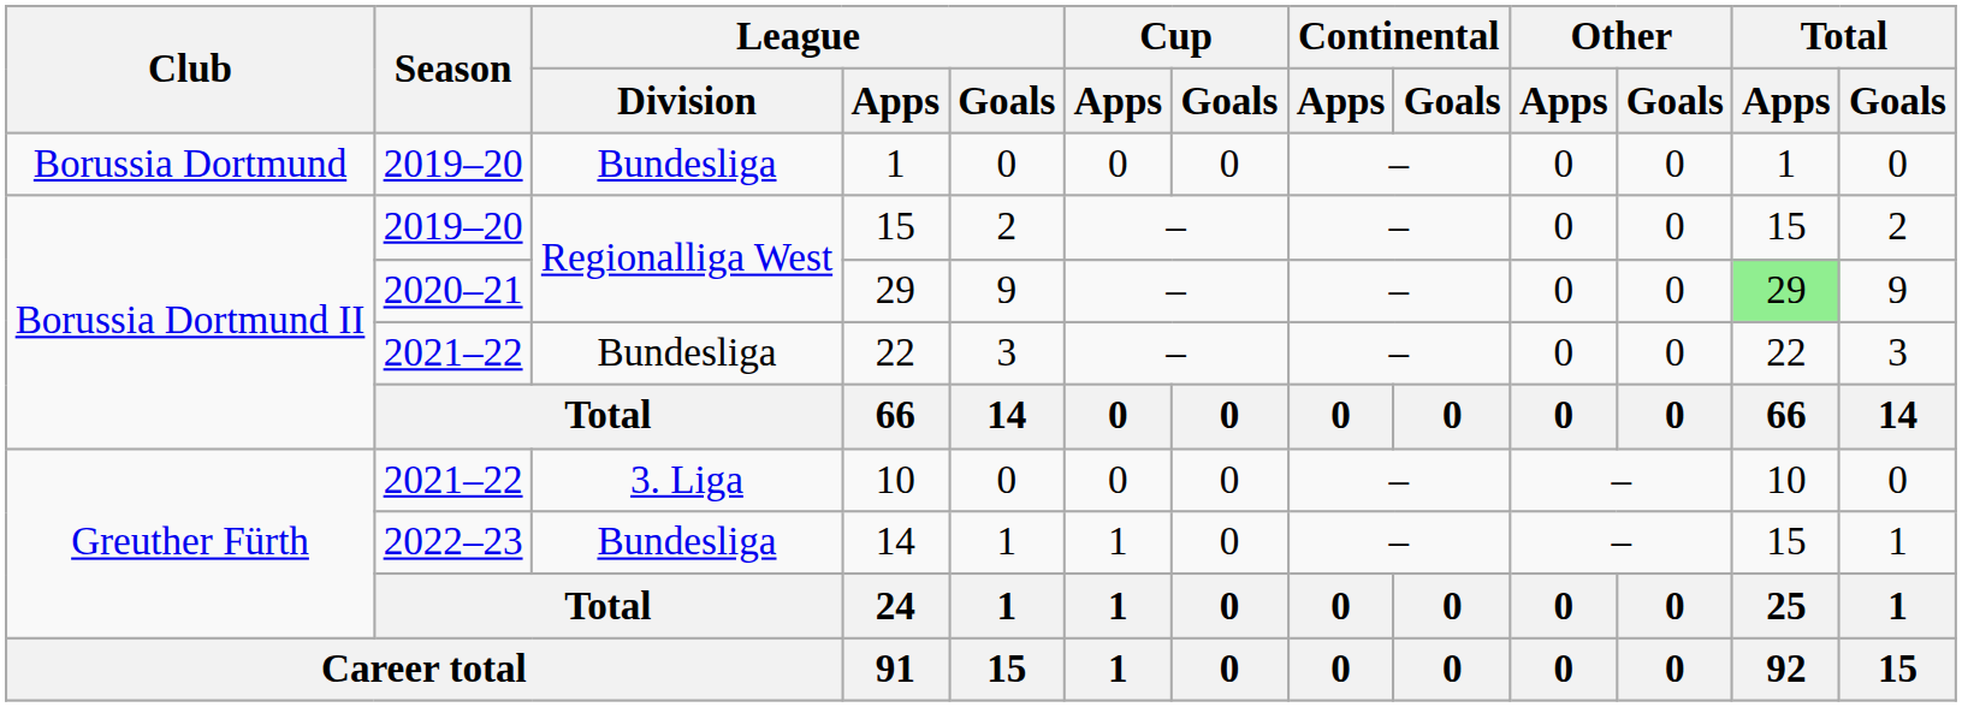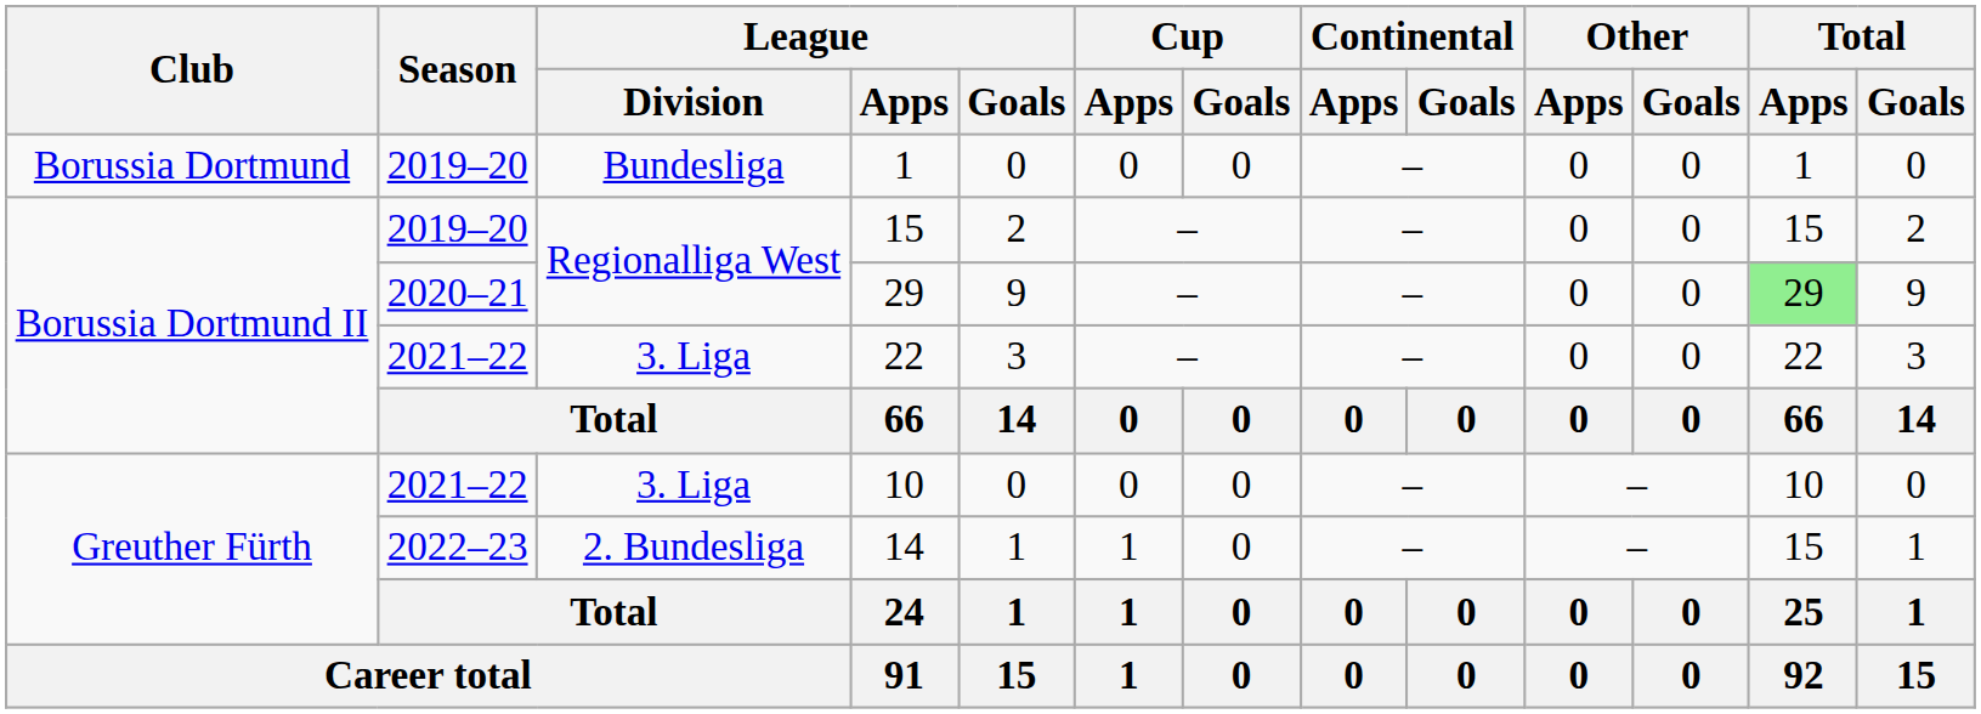 <table class="wikitable" style="text-align:center">
 <tr>
 <th rowspan="2">Club</th>
 <th rowspan="2">Season</th>
 <th colspan="3">League</th>
 <th colspan="2">Cup</th>
 <th colspan="2">Continental</th>
 <th colspan="2">Other</th>
 <th colspan="2">Total</th>
 </tr>
 <tr>
 <th>Division</th>
 <th>Apps</th>
 <th>Goals</th>
 <th>Apps</th>
 <th>Goals</th>
 <th>Apps</th>
 <th>Goals</th>
 <th>Apps</th>
 <th>Goals</th>
 <th>Apps</th>
 <th>Goals</th>
 </tr>
 <tr>
 <td><a href='#'>Borussia Dortmund</a></td>
 <td><a href='#'>2019–20</a></td>
 <td><a href='#'>Bundesliga</a></td>
 <td>1</td>
 <td>0</td>
 <td>0</td>
 <td>0</td>
 <td colspan="2">–</td>
 <td>0</td>
 <td>0</td>
 <td>1</td>
 <td>0</td>
 </tr>
 <tr>
 <td rowspan="4"><a href='#'>Borussia Dortmund II</a></td>
 <td><a href='#'>2019–20</a></td>
 <td rowspan="2"><a href='#'>Regionalliga West</a></td>
 <td>15</td>
 <td>2</td>
 <td colspan="2">–</td>
 <td colspan="2">–</td>
 <td>0</td>
 <td>0</td>
 <td>15</td>
 <td>2</td>
 </tr>
 <tr>
 <td><a href='#'>2020–21</a></td>
 <td>29</td>
 <td>9</td>
 <td colspan="2">–</td>
 <td colspan="2">–</td>
 <td>0</td>
 <td>0</td>
 <td style="background: lightgreen;">29</td>
 <td>9</td>
 </tr>
 <tr>
 <td><a href='#'>2021–22</a></td>
-<td>Bundesliga</td>
+<td><a href='#'>3. Liga</a></td>
 <td>22</td>
 <td>3</td>
 <td colspan="2">–</td>
 <td colspan="2">–</td>
 <td>0</td>
 <td>0</td>
 <td>22</td>
 <td>3</td>
 </tr>
 <tr>
 <th colspan="2">Total</th>
 <th>66</th>
 <th>14</th>
 <th>0</th>
 <th>0</th>
 <th>0</th>
 <th>0</th>
 <th>0</th>
 <th>0</th>
 <th>66</th>
 <th>14</th>
 </tr>
 <tr>
 <td rowspan="3"><a href='#'>Greuther Fürth</a></td>
 <td><a href='#'>2021–22</a></td>
 <td><a href='#'>3. Liga</a></td>
 <td>10</td>
 <td>0</td>
 <td>0</td>
 <td>0</td>
 <td colspan="2">–</td>
 <td colspan="2">–</td>
 <td>10</td>
 <td>0</td>
 </tr>
 <tr>
 <td><a href='#'>2022–23</a></td>
-<td><a href='#'>Bundesliga</a></td>
+<td><a href='#'>2. Bundesliga</a></td>
 <td>14</td>
 <td>1</td>
 <td>1</td>
 <td>0</td>
 <td colspan="2">–</td>
 <td colspan="2">–</td>
 <td>15</td>
 <td>1</td>
 </tr>
 <tr>
 <th colspan="2">Total</th>
 <th>24</th>
 <th>1</th>
 <th>1</th>
 <th>0</th>
 <th>0</th>
 <th>0</th>
 <th>0</th>
 <th>0</th>
 <th>25</th>
 <th>1</th>
 </tr>
 <tr>
 <th colspan="3">Career total</th>
 <th>91</th>
 <th>15</th>
 <th>1</th>
 <th>0</th>
 <th>0</th>
 <th>0</th>
 <th>0</th>
 <th>0</th>
 <th>92</th>
 <th>15</th>
 </tr>
 </table>
